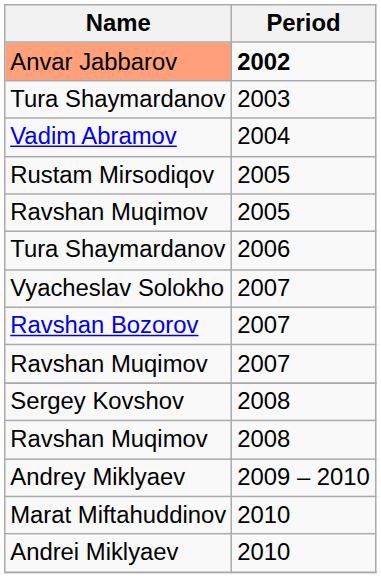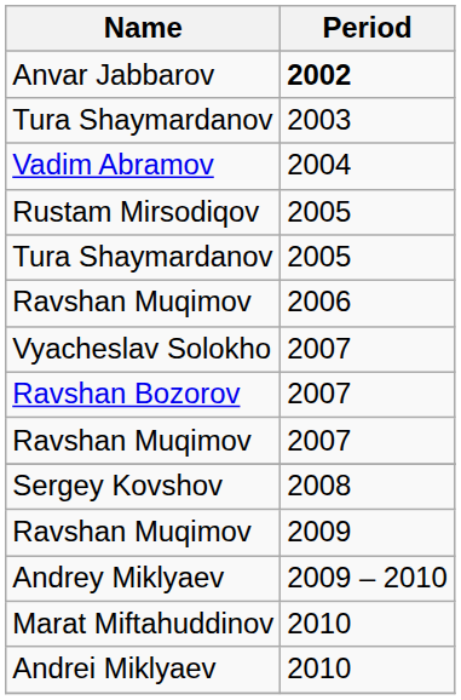 <table class="wikitable  ">
 <tr style="text-align:left;">
 <th>Name</th>
 <th>Period</th>
 </tr>
 <tr>
-<td style="background: lightsalmon;"> Anvar Jabbarov</td>
+<td> Anvar Jabbarov</td>
 <td><strong>2002</strong></td>
 </tr>
 <tr>
 <td> Tura Shaymardanov</td>
 <td>2003</td>
 </tr>
 <tr>
 <td> <a href='#'>Vadim Abramov</a></td>
 <td>2004</td>
 </tr>
 <tr>
 <td> Rustam Mirsodiqov</td>
 <td>2005</td>
 </tr>
 <tr>
-<td> Ravshan Muqimov</td>
+<td> Tura Shaymardanov</td>
 <td>2005</td>
 </tr>
 <tr>
-<td> Tura Shaymardanov</td>
+<td> Ravshan Muqimov</td>
 <td>2006</td>
 </tr>
 <tr>
 <td> Vyacheslav Solokho</td>
 <td>2007</td>
 </tr>
 <tr>
 <td> <a href='#'>Ravshan Bozorov</a></td>
 <td>2007</td>
 </tr>
 <tr>
 <td> Ravshan Muqimov</td>
 <td>2007</td>
 </tr>
 <tr>
 </tr>
 <tr>
 <td> Sergey Kovshov</td>
 <td>2008</td>
 </tr>
 <tr>
 <td> Ravshan Muqimov</td>
-<td>2008</td>
+<td>2009</td>
 </tr>
 <tr>
 <td> Andrey Miklyaev</td>
 <td>2009 – 2010</td>
 </tr>
 <tr>
 <td> Marat Miftahuddinov</td>
 <td>2010</td>
 </tr>
 <tr>
 <td> Andrei Miklyaev</td>
 <td>2010</td>
 </tr>
 <tr>
 </tr>
 </table>
